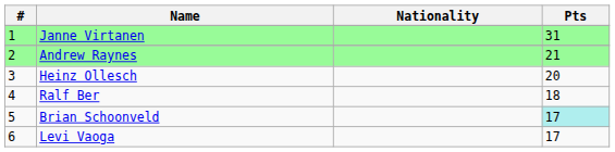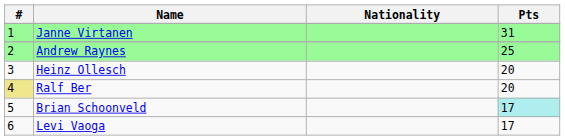 <table class="wikitable" style="display: inline-table; width: 50%;">
 <tr>
 <th>#</th>
 <th>Name</th>
 <th>Nationality</th>
 <th>Pts</th>
 </tr>
 <tr>
 </tr>
 <tr style="background:palegreen;">
 <td>1</td>
 <td><a href='#'>Janne Virtanen</a></td>
 <td></td>
 <td>31</td>
 </tr>
 <tr>
 </tr>
 <tr style="background:palegreen;">
 <td>2</td>
 <td><a href='#'>Andrew Raynes</a></td>
 <td></td>
-<td>21</td>
+<td>25</td>
 </tr>
 <tr>
 <td>3</td>
 <td><a href='#'>Heinz Ollesch</a></td>
 <td></td>
 <td>20</td>
 </tr>
 <tr>
-<td>4</td>
+<td style="background: khaki;">4</td>
 <td><a href='#'>Ralf Ber</a></td>
 <td></td>
-<td>18</td>
+<td>20</td>
 </tr>
 <tr>
 <td>5</td>
 <td><a href='#'>Brian Schoonveld</a></td>
 <td></td>
 <td style="background: paleturquoise;">17</td>
 </tr>
 <tr>
 <td>6</td>
 <td><a href='#'>Levi Vaoga</a></td>
 <td></td>
 <td>17</td>
 </tr>
 </table>
